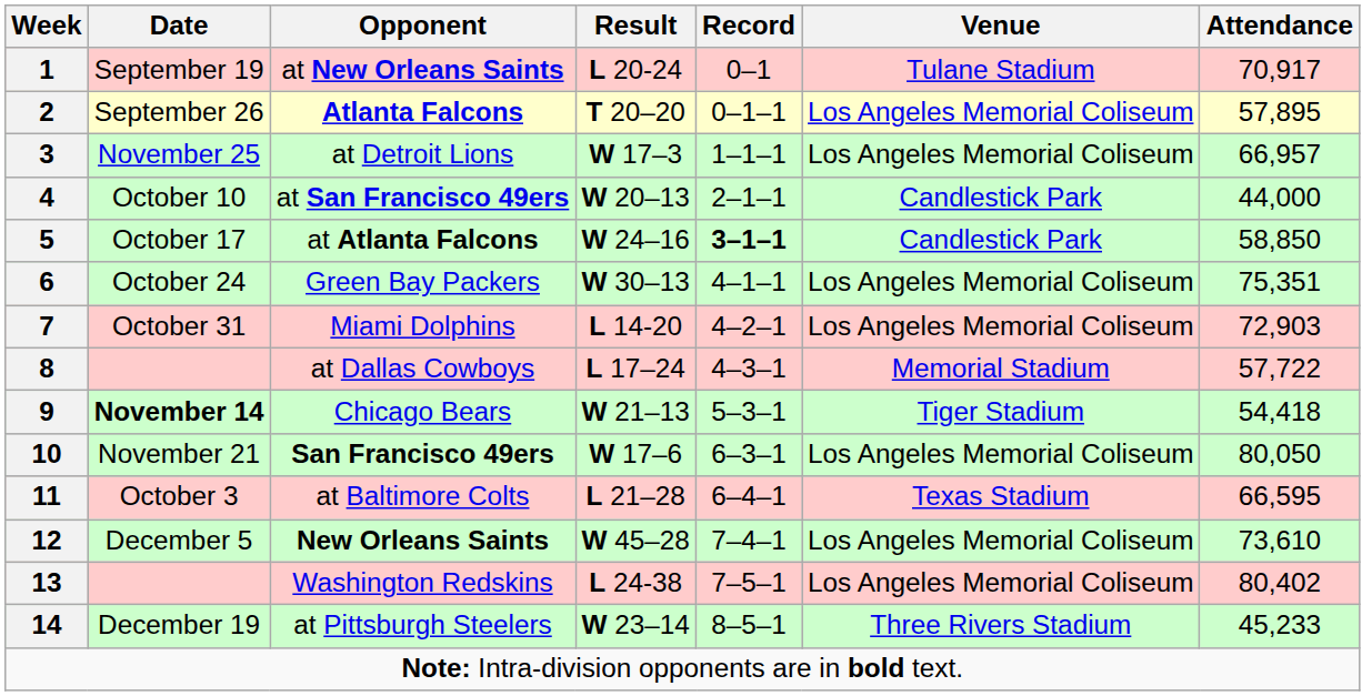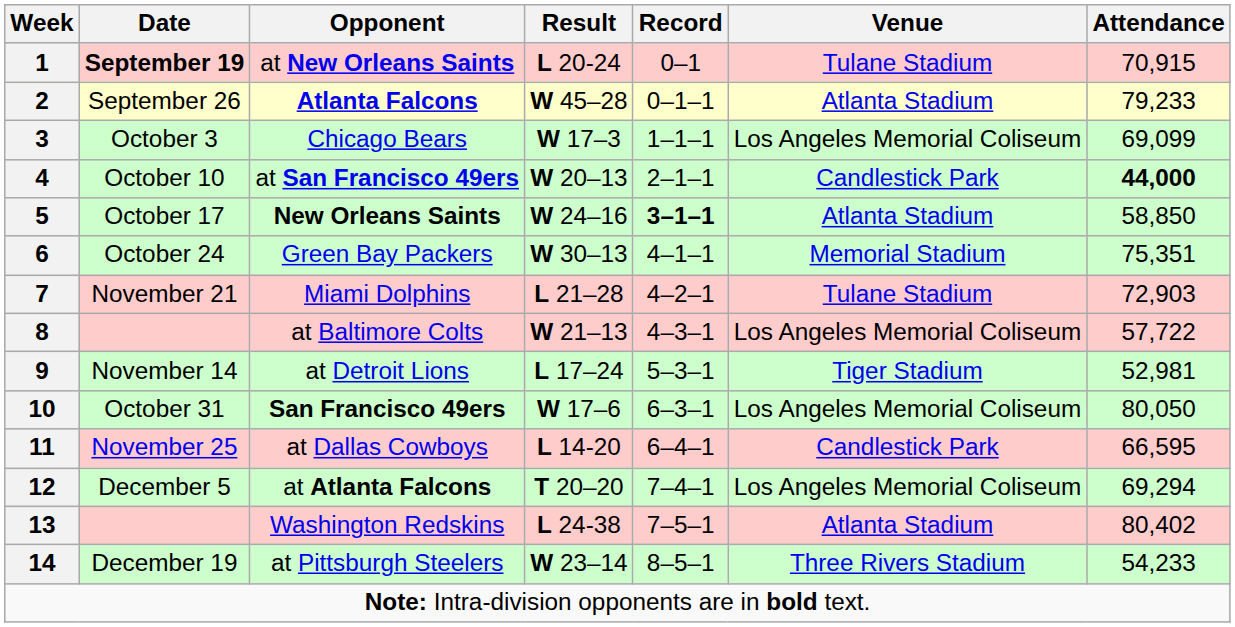 <table class="wikitable" style="text-align:center">
 <tr>
 <th>Week</th>
 <th>Date</th>
 <th>Opponent</th>
 <th>Result</th>
 <th>Record</th>
 <th>Venue</th>
 <th>Attendance</th>
 </tr>
 <tr style="background:#fcc">
 <th>1</th>
-<td>September 19</td>
+<td><strong>September 19</strong></td>
 <td>at <strong><a href='#'>New Orleans Saints</a></strong></td>
 <td><strong>L</strong> 20-24</td>
 <td>0–1</td>
 <td><a href='#'>Tulane Stadium</a></td>
-<td>70,917</td>
+<td>70,915</td>
 </tr>
 <tr style="background:#ffc">
 <th>2</th>
 <td>September 26</td>
 <td><strong><a href='#'>Atlanta Falcons</a></strong></td>
-<td><strong>T</strong> 20–20</td>
+<td><strong>W</strong> 45–28</td>
 <td>0–1–1</td>
-<td><a href='#'>Los Angeles Memorial Coliseum</a></td>
-<td>57,895</td>
+<td><a href='#'>Atlanta Stadium</a></td>
+<td>79,233</td>
 </tr>
 <tr style="background:#cfc">
 <th>3</th>
-<td><a href='#'>November 25</a></td>
-<td>at <a href='#'>Detroit Lions</a></td>
+<td>October 3</td>
+<td><a href='#'>Chicago Bears</a></td>
 <td><strong>W</strong> 17–3</td>
 <td>1–1–1</td>
 <td>Los Angeles Memorial Coliseum</td>
-<td>66,957</td>
+<td>69,099</td>
 </tr>
 <tr style="background:#cfc">
 <th>4</th>
 <td>October 10</td>
 <td>at <strong><a href='#'>San Francisco 49ers</a></strong></td>
 <td><strong>W</strong> 20–13</td>
 <td>2–1–1</td>
 <td><a href='#'>Candlestick Park</a></td>
-<td>44,000</td>
+<td><strong>44,000</strong></td>
 </tr>
 <tr style="background:#cfc">
 <th>5</th>
 <td>October 17</td>
-<td>at <strong>Atlanta Falcons</strong></td>
+<td><strong>New Orleans Saints</strong></td>
 <td><strong>W</strong> 24–16</td>
 <td><strong>3–1–1</strong></td>
-<td><a href='#'>Candlestick Park</a></td>
+<td><a href='#'>Atlanta Stadium</a></td>
 <td>58,850</td>
 </tr>
 <tr style="background:#cfc">
 <th>6</th>
 <td>October 24</td>
 <td><a href='#'>Green Bay Packers</a></td>
 <td><strong>W</strong> 30–13</td>
 <td>4–1–1</td>
-<td>Los Angeles Memorial Coliseum</td>
+<td><a href='#'>Memorial Stadium</a></td>
 <td>75,351</td>
 </tr>
 <tr style="background:#fcc">
 <th>7</th>
-<td>October 31</td>
+<td>November 21</td>
 <td><a href='#'>Miami Dolphins</a></td>
-<td><strong>L</strong> 14-20</td>
+<td><strong>L</strong> 21–28</td>
 <td>4–2–1</td>
-<td>Los Angeles Memorial Coliseum</td>
+<td><a href='#'>Tulane Stadium</a></td>
 <td>72,903</td>
 </tr>
 <tr style="background:#fcc">
 <th>8</th>
 <td></td>
-<td>at <a href='#'>Dallas Cowboys</a></td>
-<td><strong>L</strong> 17–24</td>
+<td>at <a href='#'>Baltimore Colts</a></td>
+<td><strong>W</strong> 21–13</td>
 <td>4–3–1</td>
-<td><a href='#'>Memorial Stadium</a></td>
+<td>Los Angeles Memorial Coliseum</td>
 <td>57,722</td>
 </tr>
 <tr style="background:#cfc">
 <th>9</th>
-<td><strong>November 14</strong></td>
-<td><a href='#'>Chicago Bears</a></td>
-<td><strong>W</strong> 21–13</td>
+<td>November 14</td>
+<td>at <a href='#'>Detroit Lions</a></td>
+<td><strong>L</strong> 17–24</td>
 <td>5–3–1</td>
 <td><a href='#'>Tiger Stadium</a></td>
-<td>54,418</td>
+<td>52,981</td>
 </tr>
 <tr style="background:#cfc">
 <th>10</th>
-<td>November 21</td>
+<td>October 31</td>
 <td><strong>San Francisco 49ers</strong></td>
 <td><strong>W</strong> 17–6</td>
 <td>6–3–1</td>
 <td>Los Angeles Memorial Coliseum</td>
 <td>80,050</td>
 </tr>
 <tr style="background:#fcc">
 <th>11</th>
-<td>October 3</td>
-<td>at <a href='#'>Baltimore Colts</a></td>
-<td><strong>L</strong> 21–28</td>
+<td><a href='#'>November 25</a></td>
+<td>at <a href='#'>Dallas Cowboys</a></td>
+<td><strong>L</strong> 14-20</td>
 <td>6–4–1</td>
-<td><a href='#'>Texas Stadium</a></td>
+<td><a href='#'>Candlestick Park</a></td>
 <td>66,595</td>
 </tr>
 <tr style="background:#cfc">
 <th>12</th>
 <td>December 5</td>
-<td><strong>New Orleans Saints</strong></td>
-<td><strong>W</strong> 45–28</td>
+<td>at <strong>Atlanta Falcons</strong></td>
+<td><strong>T</strong> 20–20</td>
 <td>7–4–1</td>
 <td>Los Angeles Memorial Coliseum</td>
-<td>73,610</td>
+<td>69,294</td>
 </tr>
 <tr style="background:#fcc">
 <th>13</th>
 <td></td>
 <td><a href='#'>Washington Redskins</a></td>
 <td><strong>L</strong> 24-38</td>
 <td>7–5–1</td>
-<td>Los Angeles Memorial Coliseum</td>
+<td><a href='#'>Atlanta Stadium</a></td>
 <td>80,402</td>
 </tr>
 <tr style="background:#cfc">
 <th>14</th>
 <td>December 19</td>
 <td>at <a href='#'>Pittsburgh Steelers</a></td>
 <td><strong>W</strong> 23–14</td>
 <td>8–5–1</td>
 <td><a href='#'>Three Rivers Stadium</a></td>
-<td>45,233</td>
+<td>54,233</td>
 </tr>
 <tr>
 <td colspan="8"><strong>Note:</strong> Intra-division opponents are in <strong>bold</strong> text.</td>
 </tr>
 </table>
